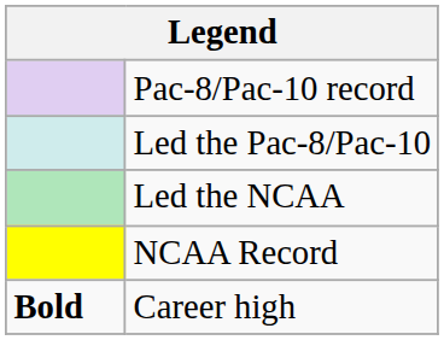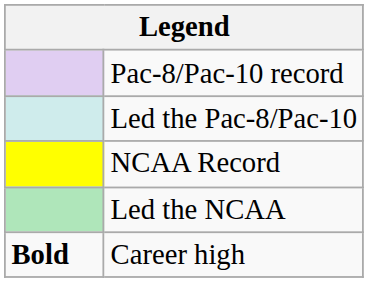 <table class="wikitable">
 <tr>
 <th colspan="2">Legend</th>
 </tr>
 <tr>
 <td style="background:#e0cef2; width:3em;"></td>
 <td>Pac-8/Pac-10 record</td>
 </tr>
 <tr>
 <td style="background:#cfecec; width:3em;"></td>
 <td>Led the Pac-8/Pac-10</td>
 </tr>
 <tr>
+<td style="background:#ff0; width:3em;"></td>
+<td>NCAA Record</td>
+</tr>
+<tr>
 <td style="background:#afe6ba; width:3em;"></td>
 <td>Led the NCAA</td>
-</tr>
-<tr>
-<td style="background:#ff0; width:3em;"></td>
-<td>NCAA Record</td>
 </tr>
 <tr>
 <td><strong>Bold</strong></td>
 <td>Career high</td>
 </tr>
 </table>
